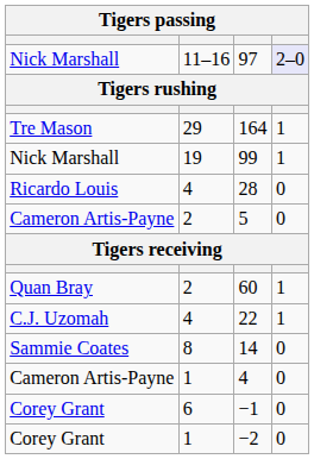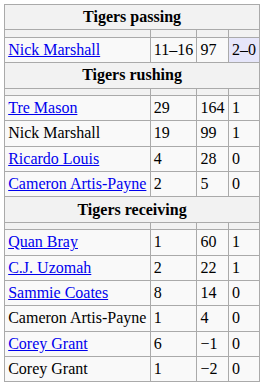 <table class="wikitable plainrowheaders">
 <tr>
 <th colspan="6">Tigers passing</th>
 </tr>
 <tr>
 <th scope="col"></th>
 <th scope="col"></th>
 <th scope="col"></th>
 <th scope="col"></th>
 </tr>
 <tr>
 <td><a href='#'>Nick Marshall</a></td>
 <td>11–16</td>
 <td>97</td>
 <td style="background: lavender;">2–0</td>
 </tr>
 <tr>
 <th colspan="6">Tigers rushing</th>
 </tr>
 <tr>
 <th scope="col"></th>
 <th scope="col"></th>
 <th scope="col"></th>
 <th scope="col"></th>
 </tr>
 <tr>
 <td><a href='#'>Tre Mason</a></td>
 <td>29</td>
 <td>164</td>
 <td>1</td>
 </tr>
 <tr>
 <td>Nick Marshall</td>
 <td>19</td>
 <td>99</td>
 <td>1</td>
 </tr>
 <tr>
 <td><a href='#'>Ricardo Louis</a></td>
 <td>4</td>
 <td>28</td>
 <td>0</td>
 </tr>
 <tr>
 <td><a href='#'>Cameron Artis-Payne</a></td>
 <td>2</td>
 <td>5</td>
 <td>0</td>
 </tr>
 <tr>
 <th colspan="6">Tigers receiving</th>
 </tr>
 <tr>
 </tr>
 <tr>
 <th scope="col"></th>
 <th scope="col"></th>
 <th scope="col"></th>
 <th scope="col"></th>
 </tr>
 <tr>
 <td><a href='#'>Quan Bray</a></td>
-<td>2</td>
+<td>1</td>
 <td>60</td>
 <td>1</td>
 </tr>
 <tr>
 <td><a href='#'>C.J. Uzomah</a></td>
-<td>4</td>
+<td>2</td>
 <td>22</td>
 <td>1</td>
 </tr>
 <tr>
 <td><a href='#'>Sammie Coates</a></td>
 <td>8</td>
 <td>14</td>
 <td>0</td>
 </tr>
 <tr>
 <td>Cameron Artis-Payne</td>
 <td>1</td>
 <td>4</td>
 <td>0</td>
 </tr>
 <tr>
 <td><a href='#'>Corey Grant</a></td>
 <td>6</td>
 <td>−1</td>
 <td>0</td>
 </tr>
 <tr>
 <td>Corey Grant</td>
 <td>1</td>
 <td>−2</td>
 <td>0</td>
 </tr>
 <tr>
 </tr>
 </table>
